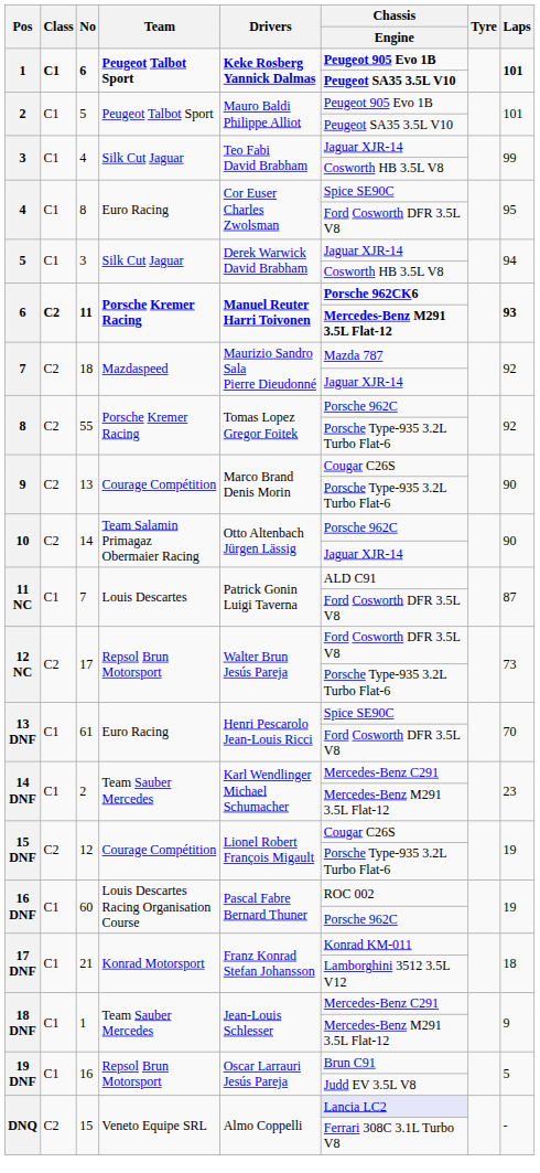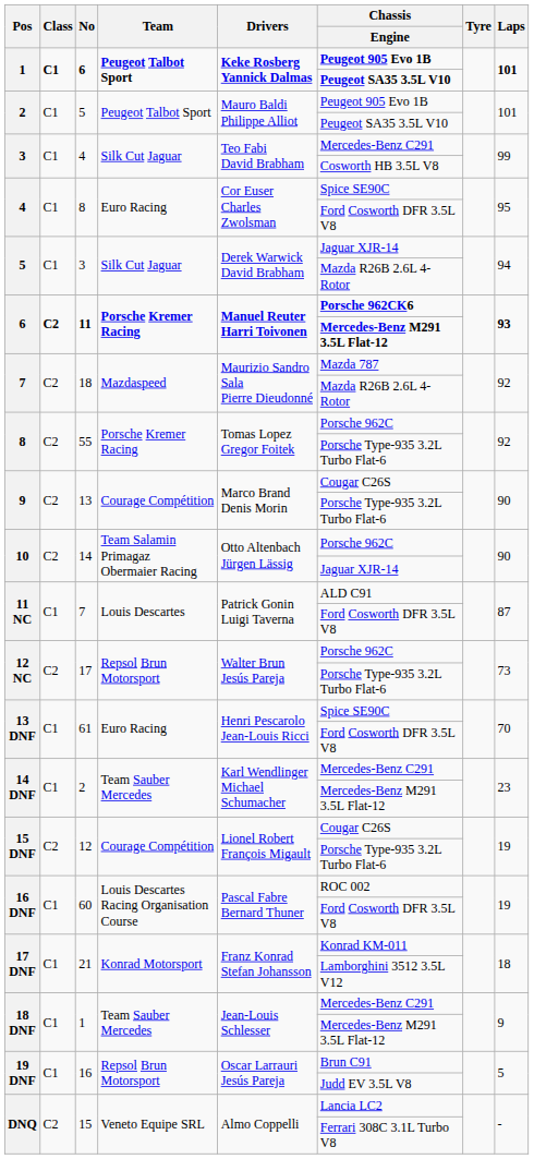 <table class="wikitable" style="font-size: 95%;">
 <tr>
 <th rowspan=2>Pos</th>
 <th rowspan=2>Class</th>
 <th rowspan=2>No</th>
 <th rowspan=2>Team</th>
 <th rowspan=2>Drivers</th>
 <th>Chassis</th>
 <th rowspan=2>Tyre</th>
 <th rowspan=2>Laps</th>
 </tr>
 <tr>
 <th>Engine</th>
 </tr>
 <tr style="font-weight:bold">
 <th rowspan=2>1</th>
 <td rowspan=2>C1</td>
 <td rowspan=2>6</td>
 <td rowspan=2> <a href='#'>Peugeot</a> <a href='#'>Talbot</a> Sport</td>
 <td rowspan=2> <a href='#'>Keke Rosberg</a><br> <a href='#'>Yannick Dalmas</a></td>
 <td><a href='#'>Peugeot 905</a> Evo 1B</td>
 <td rowspan=2></td>
 <td rowspan=2>101</td>
 </tr>
 <tr style="font-weight:bold">
 <td><a href='#'>Peugeot</a> SA35 3.5L V10</td>
 </tr>
 <tr>
 <th rowspan=2>2</th>
 <td rowspan=2>C1</td>
 <td rowspan=2>5</td>
 <td rowspan=2> <a href='#'>Peugeot</a> <a href='#'>Talbot</a> Sport</td>
 <td rowspan=2> <a href='#'>Mauro Baldi</a><br> <a href='#'>Philippe Alliot</a></td>
 <td><a href='#'>Peugeot 905</a> Evo 1B</td>
 <td rowspan=2></td>
 <td rowspan=2>101</td>
 </tr>
 <tr>
 <td><a href='#'>Peugeot</a> SA35 3.5L V10</td>
 </tr>
 <tr>
 <th rowspan=2>3</th>
 <td rowspan=2>C1</td>
 <td rowspan=2>4</td>
 <td rowspan=2> <a href='#'>Silk Cut</a> <a href='#'>Jaguar</a></td>
 <td rowspan=2> <a href='#'>Teo Fabi</a><br> <a href='#'>David Brabham</a></td>
-<td><a href='#'>Jaguar XJR-14</a></td>
+<td><a href='#'>Mercedes-Benz C291</a></td>
 <td rowspan=2></td>
 <td rowspan=2>99</td>
 </tr>
 <tr>
 <td><a href='#'>Cosworth</a> HB 3.5L V8</td>
 </tr>
 <tr>
 <th rowspan=2>4</th>
 <td rowspan=2>C1</td>
 <td rowspan=2>8</td>
 <td rowspan=2> Euro Racing</td>
 <td rowspan=2> <a href='#'>Cor Euser</a><br> <a href='#'>Charles Zwolsman</a></td>
 <td><a href='#'>Spice SE90C</a></td>
 <td rowspan=2></td>
 <td rowspan=2>95</td>
 </tr>
 <tr>
 <td><a href='#'>Ford</a> <a href='#'>Cosworth</a> DFR 3.5L V8</td>
 </tr>
 <tr>
 <th rowspan=2>5</th>
 <td rowspan=2>C1</td>
 <td rowspan=2>3</td>
 <td rowspan=2> <a href='#'>Silk Cut</a> <a href='#'>Jaguar</a></td>
 <td rowspan=2> <a href='#'>Derek Warwick</a><br> <a href='#'>David Brabham</a></td>
 <td><a href='#'>Jaguar XJR-14</a></td>
 <td rowspan=2></td>
 <td rowspan=2>94</td>
 </tr>
 <tr>
-<td><a href='#'>Cosworth</a> HB 3.5L V8</td>
+<td><a href='#'>Mazda</a> R26B 2.6L 4-<a href='#'>Rotor</a></td>
 </tr>
 <tr style="font-weight:bold">
 <th rowspan=2>6</th>
 <td rowspan=2>C2</td>
 <td rowspan=2>11</td>
 <td rowspan=2> <a href='#'>Porsche</a> <a href='#'>Kremer Racing</a></td>
 <td rowspan=2> <a href='#'>Manuel Reuter</a><br> <a href='#'>Harri Toivonen</a></td>
 <td><a href='#'>Porsche 962CK</a>6</td>
 <td rowspan=2></td>
 <td rowspan=2>93</td>
 </tr>
 <tr style="font-weight:bold">
 <td><a href='#'>Mercedes-Benz</a> M291 3.5L Flat-12</td>
 </tr>
 <tr>
 <th rowspan=2>7</th>
 <td rowspan=2>C2</td>
 <td rowspan=2>18</td>
 <td rowspan=2> <a href='#'>Mazdaspeed</a></td>
 <td rowspan=2> <a href='#'>Maurizio Sandro Sala</a><br> <a href='#'>Pierre Dieudonné</a></td>
 <td><a href='#'>Mazda 787</a></td>
 <td rowspan=2></td>
 <td rowspan=2>92</td>
 </tr>
 <tr>
-<td><a href='#'>Jaguar XJR-14</a></td>
+<td><a href='#'>Mazda</a> R26B 2.6L 4-<a href='#'>Rotor</a></td>
 </tr>
 <tr>
 <th rowspan=2>8</th>
 <td rowspan=2>C2</td>
 <td rowspan=2>55</td>
 <td rowspan=2> <a href='#'>Porsche</a> <a href='#'>Kremer Racing</a></td>
 <td rowspan=2> Tomas Lopez<br> <a href='#'>Gregor Foitek</a></td>
 <td><a href='#'>Porsche 962C</a></td>
 <td rowspan=2></td>
 <td rowspan=2>92</td>
 </tr>
 <tr>
 <td><a href='#'>Porsche</a> Type-935 3.2L Turbo Flat-6</td>
 </tr>
 <tr>
 <th rowspan=2>9</th>
 <td rowspan=2>C2</td>
 <td rowspan=2>13</td>
 <td rowspan=2> <a href='#'>Courage Compétition</a></td>
 <td rowspan=2> Marco Brand<br> Denis Morin</td>
 <td><a href='#'>Cougar</a> C26S</td>
 <td rowspan=2></td>
 <td rowspan=2>90</td>
 </tr>
 <tr>
 <td><a href='#'>Porsche</a> Type-935 3.2L Turbo Flat-6</td>
 </tr>
 <tr>
 <th rowspan=2>10</th>
 <td rowspan=2>C2</td>
 <td rowspan=2>14</td>
 <td rowspan=2> <a href='#'>Team Salamin</a> Primagaz<br> Obermaier Racing</td>
 <td rowspan=2> Otto Altenbach<br> <a href='#'>Jürgen Lässig</a></td>
 <td><a href='#'>Porsche 962C</a></td>
 <td rowspan=2></td>
 <td rowspan=2>90</td>
 </tr>
 <tr>
 <td><a href='#'>Jaguar XJR-14</a></td>
 </tr>
 <tr>
 <th rowspan=2>11<br>NC</th>
 <td rowspan=2>C1</td>
 <td rowspan=2>7</td>
 <td rowspan=2> Louis Descartes</td>
 <td rowspan=2> Patrick Gonin<br> Luigi Taverna</td>
 <td>ALD C91</td>
 <td rowspan=2></td>
 <td rowspan=2>87</td>
 </tr>
 <tr>
 <td><a href='#'>Ford</a> <a href='#'>Cosworth</a> DFR 3.5L V8</td>
 </tr>
 <tr>
 <th rowspan=2>12<br>NC</th>
 <td rowspan=2>C2</td>
 <td rowspan=2>17</td>
 <td rowspan=2> <a href='#'>Repsol</a> <a href='#'>Brun Motorsport</a></td>
 <td rowspan=2> <a href='#'>Walter Brun</a><br> <a href='#'>Jesús Pareja</a></td>
-<td><a href='#'>Ford</a> <a href='#'>Cosworth</a> DFR 3.5L V8</td>
+<td><a href='#'>Porsche 962C</a></td>
 <td rowspan=2></td>
 <td rowspan=2>73</td>
 </tr>
 <tr>
 <td><a href='#'>Porsche</a> Type-935 3.2L Turbo Flat-6</td>
 </tr>
 <tr>
 <th rowspan=2>13<br>DNF</th>
 <td rowspan=2>C1</td>
 <td rowspan=2>61</td>
 <td rowspan=2> Euro Racing</td>
 <td rowspan=2> <a href='#'>Henri Pescarolo</a><br> <a href='#'>Jean-Louis Ricci</a></td>
 <td><a href='#'>Spice SE90C</a></td>
 <td rowspan=2></td>
 <td rowspan=2>70</td>
 </tr>
 <tr>
 <td><a href='#'>Ford</a> <a href='#'>Cosworth</a> DFR 3.5L V8</td>
 </tr>
 <tr>
 <th rowspan=2>14<br>DNF</th>
 <td rowspan=2>C1</td>
 <td rowspan=2>2</td>
 <td rowspan=2> Team <a href='#'>Sauber</a> <a href='#'>Mercedes</a></td>
 <td rowspan=2> <a href='#'>Karl Wendlinger</a><br> <a href='#'>Michael Schumacher</a></td>
 <td><a href='#'>Mercedes-Benz C291</a></td>
 <td rowspan=2></td>
 <td rowspan=2>23</td>
 </tr>
 <tr>
 <td><a href='#'>Mercedes-Benz</a> M291 3.5L Flat-12</td>
 </tr>
 <tr>
 <th rowspan=2>15<br>DNF</th>
 <td rowspan=2>C2</td>
 <td rowspan=2>12</td>
 <td rowspan=2> <a href='#'>Courage Compétition</a></td>
 <td rowspan=2> <a href='#'>Lionel Robert</a><br> <a href='#'>François Migault</a></td>
 <td><a href='#'>Cougar</a> C26S</td>
 <td rowspan=2></td>
 <td rowspan=2>19</td>
 </tr>
 <tr>
 <td><a href='#'>Porsche</a> Type-935 3.2L Turbo Flat-6</td>
 </tr>
 <tr>
 <th rowspan=2>16<br>DNF</th>
 <td rowspan=2>C1</td>
 <td rowspan=2>60</td>
 <td rowspan=2> Louis Descartes<br> Racing Organisation Course</td>
 <td rowspan=2> <a href='#'>Pascal Fabre</a><br> <a href='#'>Bernard Thuner</a></td>
 <td>ROC 002</td>
 <td rowspan=2></td>
 <td rowspan=2>19</td>
 </tr>
 <tr>
-<td><a href='#'>Porsche 962C</a></td>
+<td><a href='#'>Ford</a> <a href='#'>Cosworth</a> DFR 3.5L V8</td>
 </tr>
 <tr>
 <th rowspan=2>17<br>DNF</th>
 <td rowspan=2>C1</td>
 <td rowspan=2>21</td>
 <td rowspan=2> <a href='#'>Konrad Motorsport</a></td>
 <td rowspan=2> <a href='#'>Franz Konrad</a><br> <a href='#'>Stefan Johansson</a></td>
 <td><a href='#'>Konrad KM-011</a></td>
 <td rowspan=2></td>
 <td rowspan=2>18</td>
 </tr>
 <tr>
 <td><a href='#'>Lamborghini</a> 3512 3.5L V12</td>
 </tr>
 <tr>
 <th rowspan=2>18<br>DNF</th>
 <td rowspan=2>C1</td>
 <td rowspan=2>1</td>
 <td rowspan=2> Team <a href='#'>Sauber</a> <a href='#'>Mercedes</a></td>
 <td rowspan=2> <a href='#'>Jean-Louis Schlesser</a></td>
 <td><a href='#'>Mercedes-Benz C291</a></td>
 <td rowspan=2></td>
 <td rowspan=2>9</td>
 </tr>
 <tr>
 <td><a href='#'>Mercedes-Benz</a> M291 3.5L Flat-12</td>
 </tr>
 <tr>
 <th rowspan=2>19<br>DNF</th>
 <td rowspan=2>C1</td>
 <td rowspan=2>16</td>
 <td rowspan=2> <a href='#'>Repsol</a> <a href='#'>Brun Motorsport</a></td>
 <td rowspan=2> <a href='#'>Oscar Larrauri</a><br> <a href='#'>Jesús Pareja</a></td>
 <td><a href='#'>Brun C91</a></td>
 <td rowspan=2></td>
 <td rowspan=2>5</td>
 </tr>
 <tr>
 <td><a href='#'>Judd</a> EV 3.5L V8</td>
 </tr>
 <tr>
 <th rowspan=2>DNQ</th>
 <td rowspan=2>C2</td>
 <td rowspan=2>15</td>
 <td rowspan=2> Veneto Equipe SRL</td>
 <td rowspan=2> Almo Coppelli</td>
-<td style="background: lavender;"><a href='#'>Lancia LC2</a></td>
+<td><a href='#'>Lancia LC2</a></td>
 <td rowspan=2></td>
 <td rowspan=2>-</td>
 </tr>
 <tr>
 <td><a href='#'>Ferrari</a> 308C 3.1L Turbo V8</td>
 </tr>
 </table>
